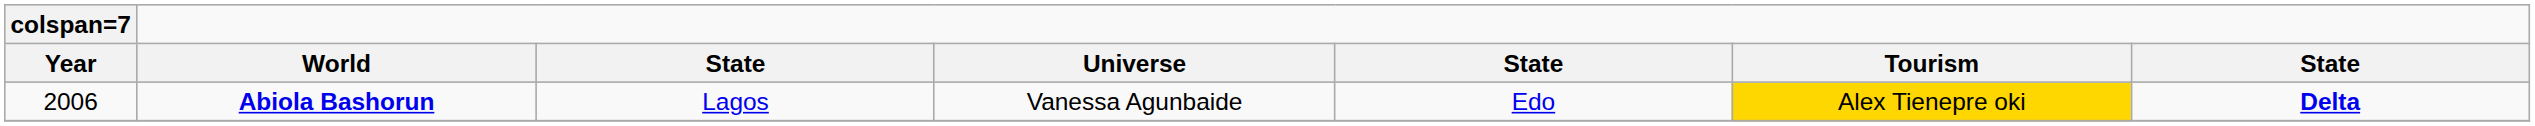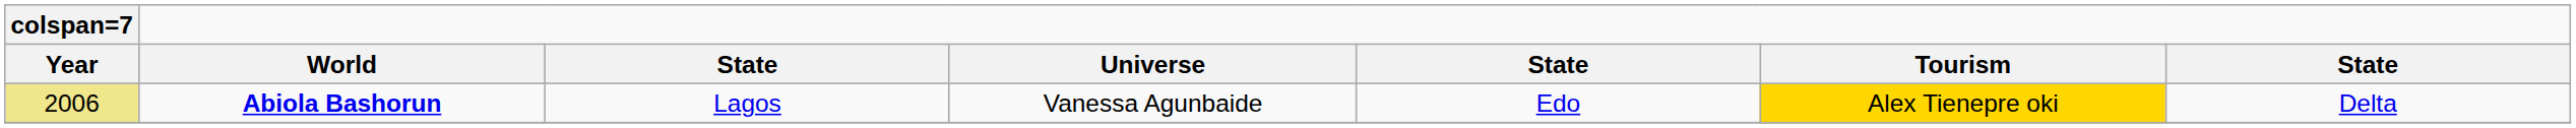 <table class="wikitable sortable" style="font-size: 95%; text-align:center">
 <tr>
 <th>colspan=7 </th>
 </tr>
 <tr>
 <th width="60">Year</th>
 <th width="250">World</th>
 <th width="250">State</th>
 <th width="250">Universe</th>
 <th width="250">State</th>
 <th width="250">Tourism</th>
 <th width="250">State</th>
 </tr>
 <tr>
-<td>2006</td>
+<td style="background: khaki;">2006</td>
 <td><strong><a href='#'>Abiola Bashorun</a></strong></td>
 <td><a href='#'>Lagos</a></td>
 <td>Vanessa Agunbaide</td>
 <td><a href='#'>Edo</a></td>
 <td style="background: gold;">Alex Tienepre oki</td>
-<td><strong><a href='#'>Delta</a></strong></td>
+<td><a href='#'>Delta</a></td>
 </tr>
 <tr>
 </tr>
 </table>
